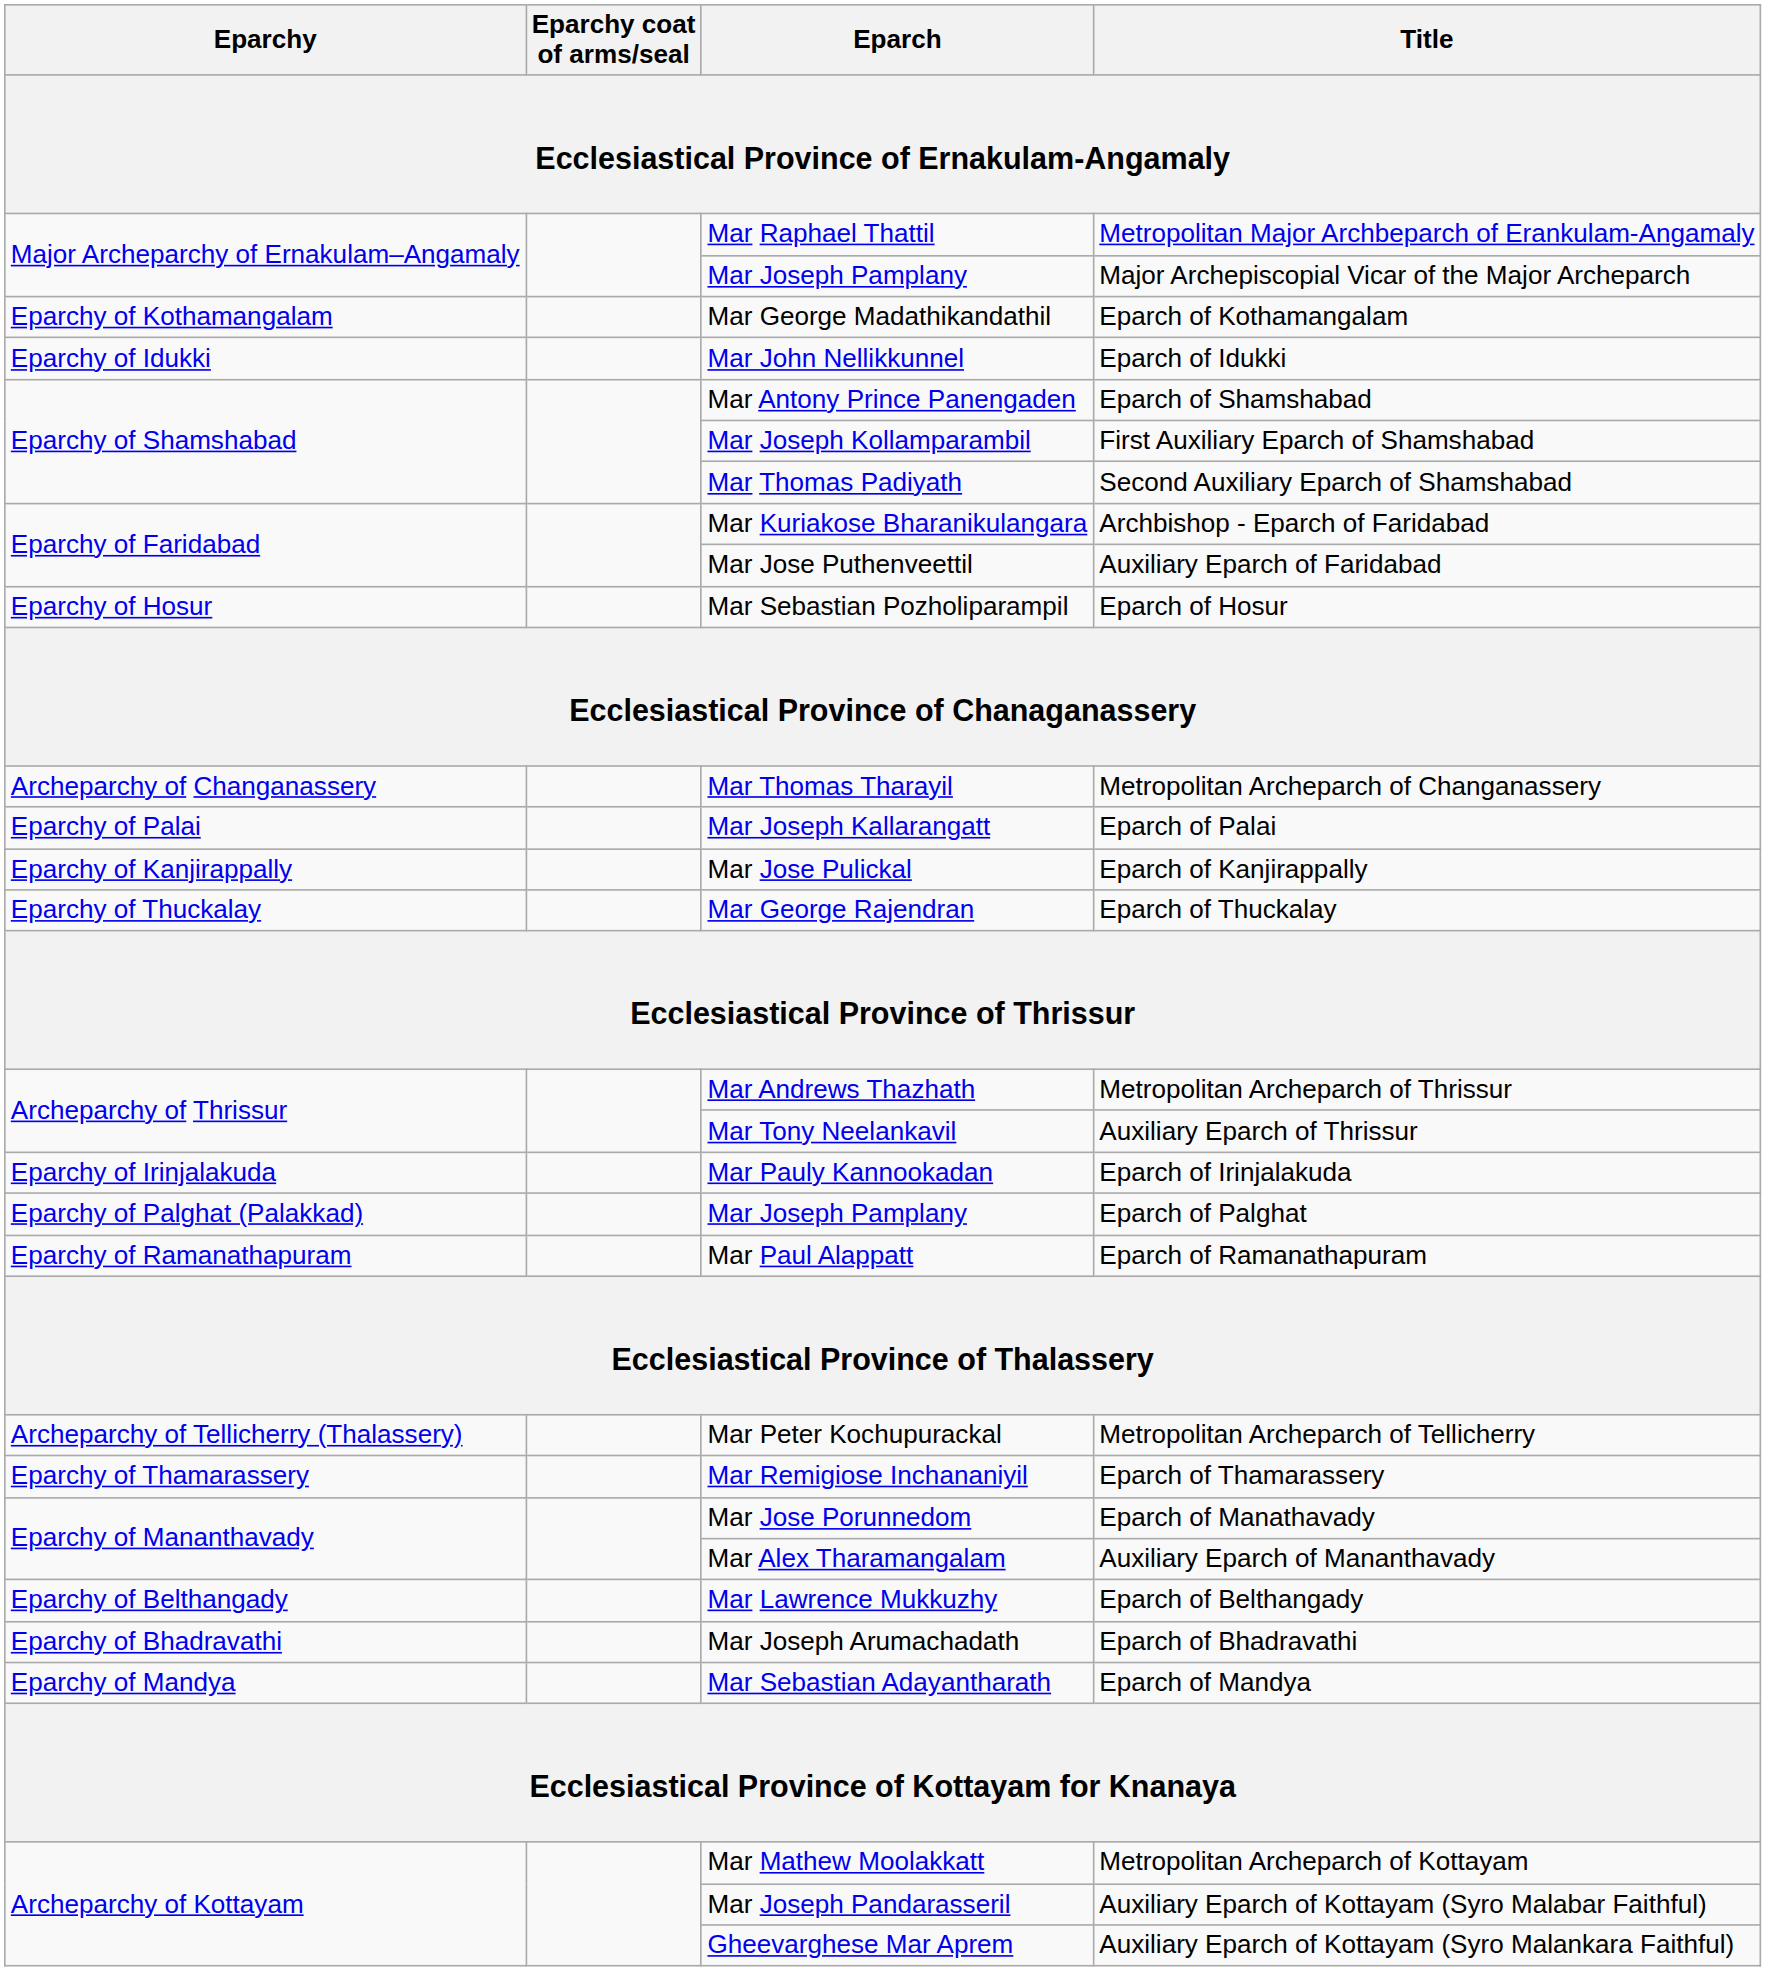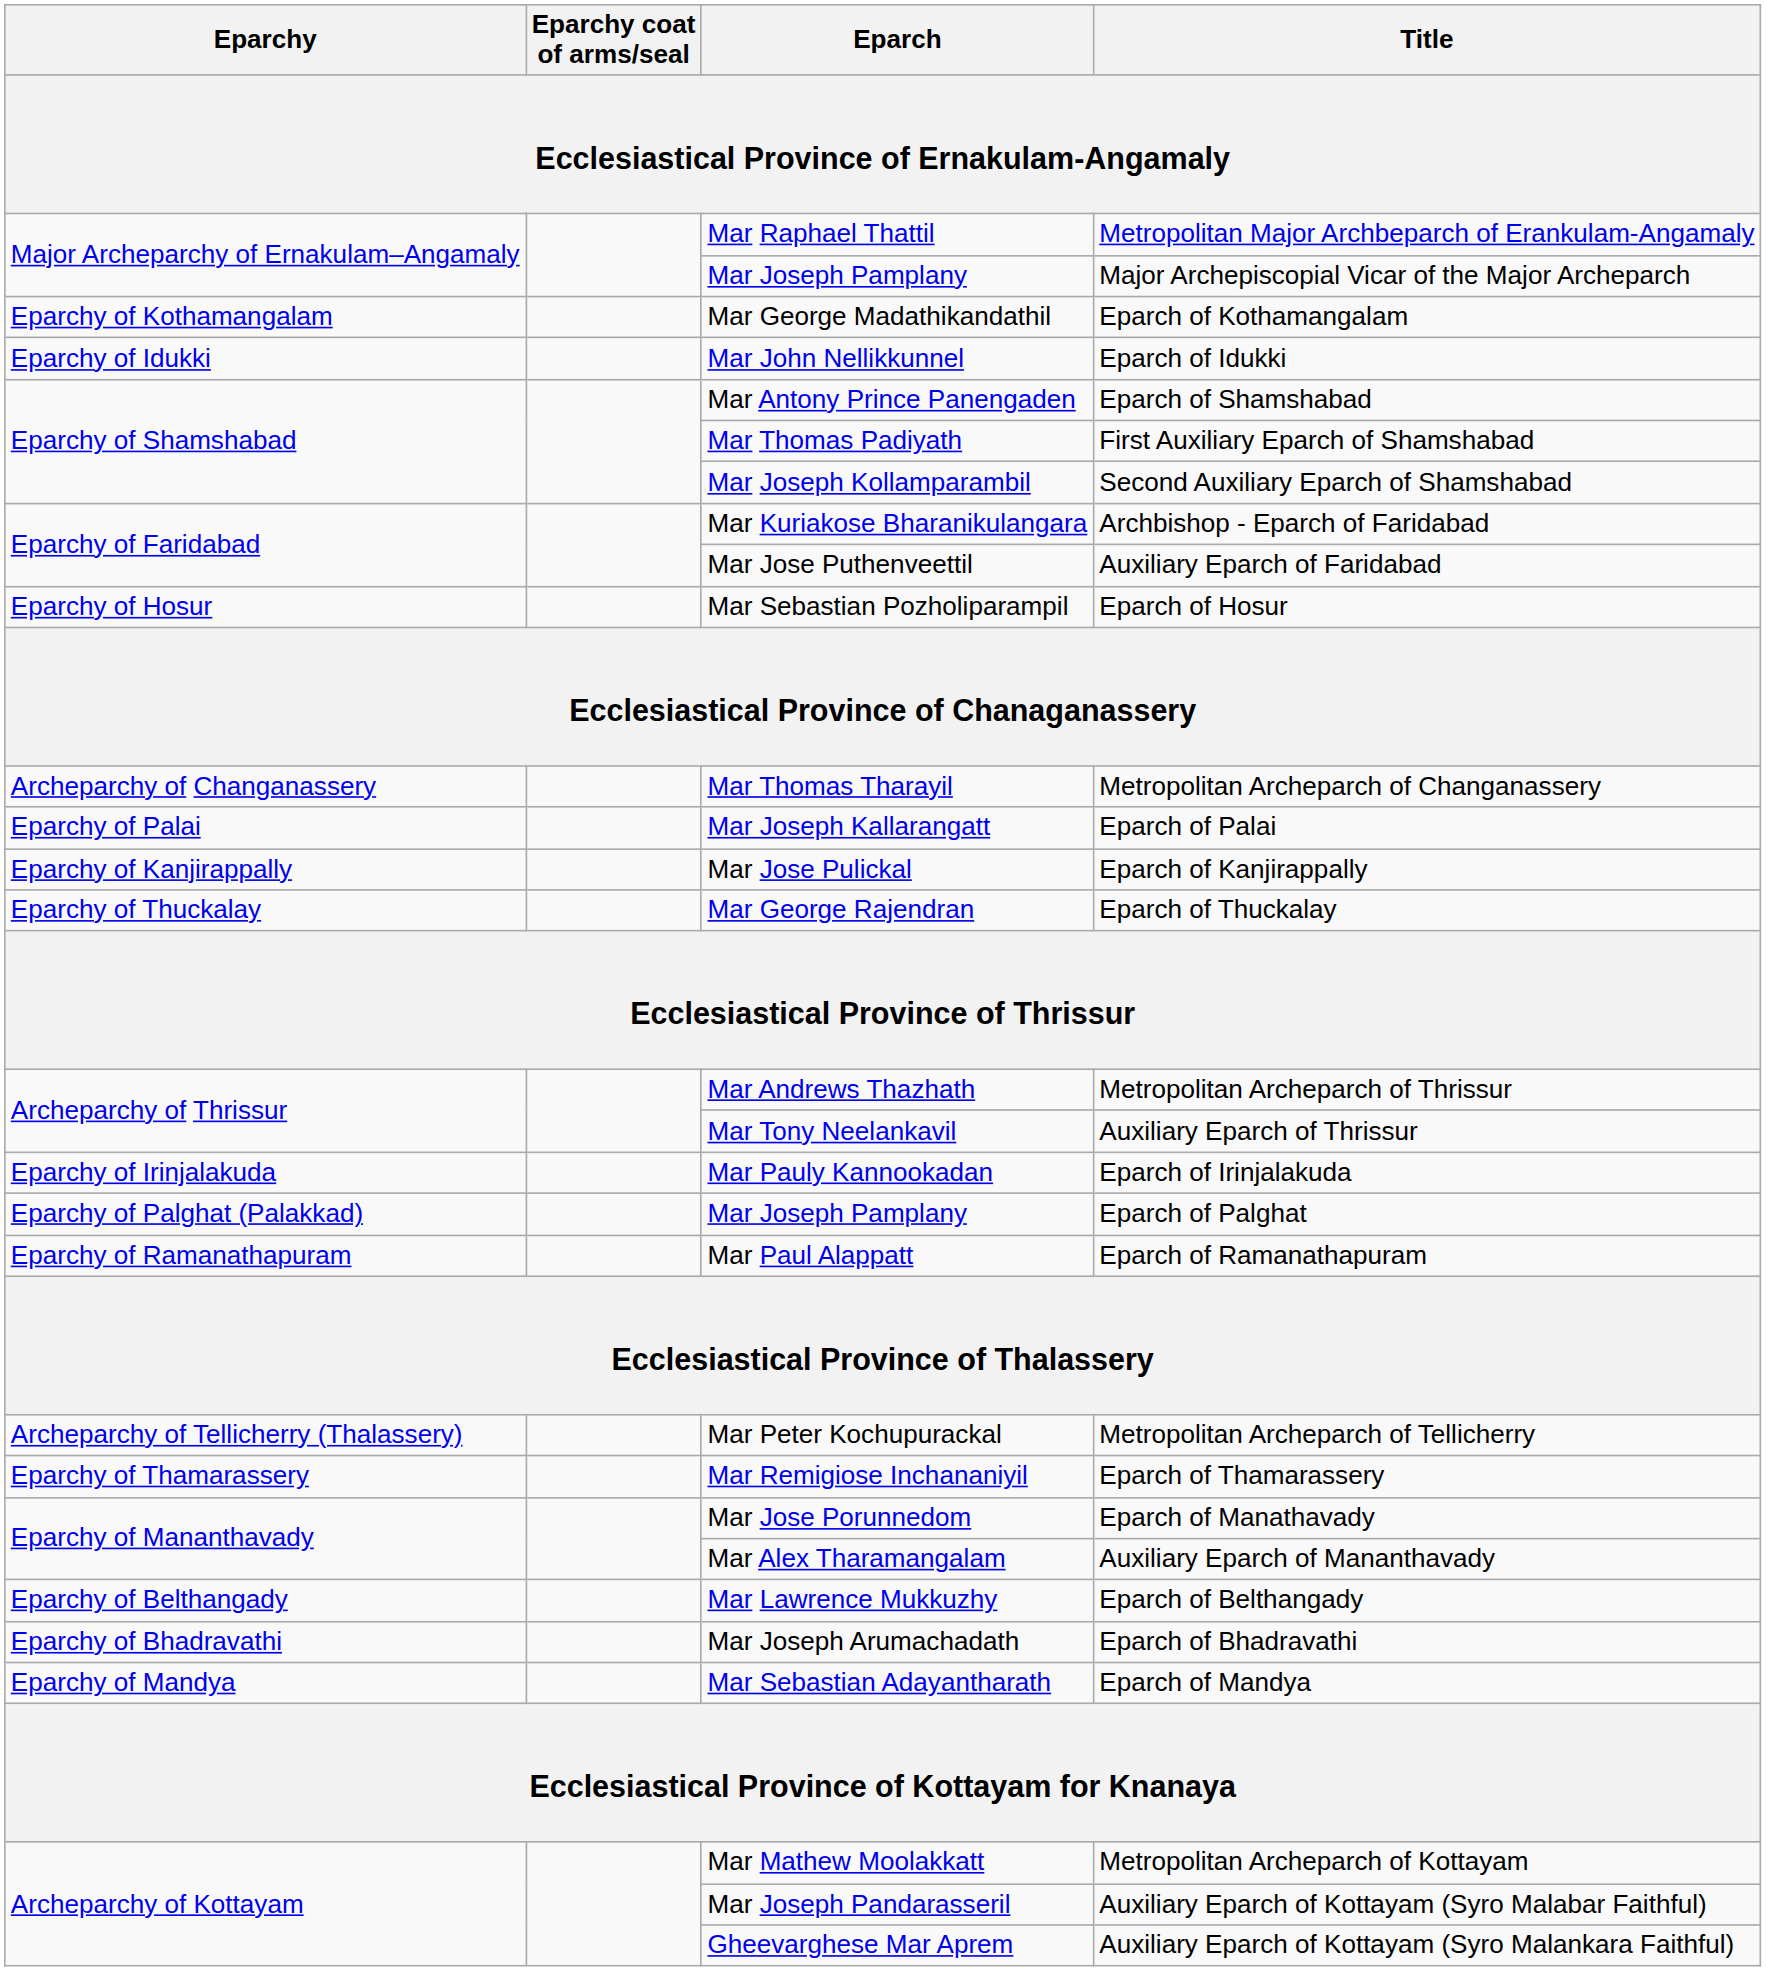 <table class="wikitable sortable">
 <tr>
 <th>Eparchy</th>
 <th class="unsortable">Eparchy coat<br>of arms/seal</th>
 <th>Eparch</th>
 <th>Title</th>
 </tr>
 <tr>
 <th colspan="4"><br><h3>Ecclesiastical Province of Ernakulam-Angamaly</h3></th>
 </tr>
 <tr>
 <td rowspan="2"><a href='#'>Major Archeparchy of Ernakulam–Angamaly</a></td>
 <td rowspan="2"></td>
 <td><a href='#'>Mar</a> <a href='#'>Raphael Thattil</a></td>
 <td><a href='#'>Metropolitan Major Archbeparch of Erankulam-Angamaly</a></td>
 </tr>
 <tr>
 <td><a href='#'>Mar Joseph Pamplany</a></td>
 <td>Major Archepiscopial Vicar of the Major Archeparch</td>
 </tr>
 <tr>
 <td><a href='#'>Eparchy of Kothamangalam</a></td>
 <td></td>
 <td>Mar George Madathikandathil</td>
 <td>Eparch of Kothamangalam</td>
 </tr>
 <tr>
 <td><a href='#'>Eparchy of Idukki</a></td>
 <td></td>
 <td><a href='#'>Mar John Nellikkunnel</a></td>
 <td>Eparch of Idukki</td>
 </tr>
 <tr>
 <td rowspan="3"><a href='#'>Eparchy of Shamshabad</a></td>
 <td rowspan="3"></td>
 <td>Mar <a href='#'>Antony Prince Panengaden</a></td>
 <td>Eparch of Shamshabad</td>
 </tr>
 <tr>
-<td><a href='#'>Mar</a> <a href='#'>Joseph Kollamparambil</a></td>
+<td><a href='#'>Mar</a> <a href='#'>Thomas Padiyath</a></td>
 <td>First Auxiliary Eparch of Shamshabad</td>
 </tr>
 <tr>
-<td><a href='#'>Mar</a> <a href='#'>Thomas Padiyath</a></td>
+<td><a href='#'>Mar</a> <a href='#'>Joseph Kollamparambil</a></td>
 <td>Second Auxiliary Eparch of Shamshabad</td>
 </tr>
 <tr>
 <td rowspan="2"><a href='#'>Eparchy of Faridabad</a></td>
 <td rowspan="2"></td>
 <td>Mar <a href='#'>Kuriakose Bharanikulangara</a></td>
 <td>Archbishop - Eparch of Faridabad</td>
 </tr>
 <tr>
 <td>Mar Jose Puthenveettil</td>
 <td>Auxiliary Eparch of Faridabad</td>
 </tr>
 <tr>
 <td><a href='#'>Eparchy of Hosur</a></td>
 <td></td>
 <td>Mar Sebastian Pozholiparampil</td>
 <td>Eparch of Hosur</td>
 </tr>
 <tr>
 <th colspan="4"><br><h3>Ecclesiastical Province of Chanaganassery</h3></th>
 </tr>
 <tr>
 <td><a href='#'>Archeparchy of</a> <a href='#'>Changanassery</a></td>
 <td></td>
 <td><a href='#'>Mar Thomas Tharayil</a></td>
 <td>Metropolitan Archeparch of Changanassery</td>
 </tr>
 <tr>
 <td><a href='#'>Eparchy of Palai</a></td>
 <td></td>
 <td><a href='#'>Mar Joseph Kallarangatt</a></td>
 <td>Eparch of Palai</td>
 </tr>
 <tr>
 <td><a href='#'>Eparchy of Kanjirappally</a></td>
 <td></td>
 <td>Mar <a href='#'>Jose Pulickal</a></td>
 <td>Eparch of Kanjirappally</td>
 </tr>
 <tr>
 <td><a href='#'>Eparchy of Thuckalay</a></td>
 <td></td>
 <td><a href='#'>Mar George Rajendran</a></td>
 <td>Eparch of Thuckalay</td>
 </tr>
 <tr>
 <th colspan="4"><br><h3>Ecclesiastical Province of Thrissur</h3></th>
 </tr>
 <tr>
 <td rowspan="2"><a href='#'>Archeparchy of</a> <a href='#'>Thrissur</a></td>
 <td rowspan="2"></td>
 <td><a href='#'>Mar Andrews Thazhath</a></td>
 <td>Metropolitan Archeparch of Thrissur</td>
 </tr>
 <tr>
 <td><a href='#'>Mar Tony Neelankavil</a></td>
 <td>Auxiliary Eparch of Thrissur</td>
 </tr>
 <tr>
 <td><a href='#'>Eparchy of Irinjalakuda</a></td>
 <td></td>
 <td><a href='#'>Mar Pauly Kannookadan</a></td>
 <td>Eparch of Irinjalakuda</td>
 </tr>
 <tr>
 <td><a href='#'>Eparchy of Palghat (Palakkad)</a></td>
 <td></td>
 <td><a href='#'>Mar Joseph Pamplany</a></td>
 <td>Eparch of Palghat</td>
 </tr>
 <tr>
 <td><a href='#'>Eparchy of Ramanathapuram</a></td>
 <td></td>
 <td>Mar <a href='#'>Paul Alappatt</a></td>
 <td>Eparch of Ramanathapuram</td>
 </tr>
 <tr>
 <th colspan="4"><br><h3>Ecclesiastical Province of Thalassery</h3></th>
 </tr>
 <tr>
 <td><a href='#'>Archeparchy of Tellicherry (Thalassery)</a></td>
 <td></td>
 <td>Mar Peter Kochupurackal</td>
 <td>Metropolitan Archeparch of Tellicherry</td>
 </tr>
 <tr>
 <td><a href='#'>Eparchy of Thamarassery</a></td>
 <td></td>
 <td><a href='#'>Mar Remigiose Inchananiyil</a></td>
 <td>Eparch of Thamarassery</td>
 </tr>
 <tr>
 <td rowspan="2"><a href='#'>Eparchy of Mananthavady</a></td>
 <td rowspan="2"></td>
 <td>Mar <a href='#'>Jose Porunnedom</a></td>
 <td>Eparch of Manathavady</td>
 </tr>
 <tr>
 <td>Mar <a href='#'>Alex Tharamangalam</a></td>
 <td>Auxiliary Eparch of Mananthavady</td>
 </tr>
 <tr>
 <td><a href='#'>Eparchy of Belthangady</a></td>
 <td></td>
 <td><a href='#'>Mar</a> <a href='#'>Lawrence Mukkuzhy</a></td>
 <td>Eparch of Belthangady</td>
 </tr>
 <tr>
 <td><a href='#'>Eparchy of Bhadravathi</a></td>
 <td></td>
 <td>Mar Joseph Arumachadath</td>
 <td>Eparch of Bhadravathi</td>
 </tr>
 <tr>
 <td><a href='#'>Eparchy of Mandya</a></td>
 <td></td>
 <td><a href='#'>Mar Sebastian Adayantharath</a></td>
 <td>Eparch of Mandya</td>
 </tr>
 <tr>
 <th colspan="4"><br><h3>Ecclesiastical Province of Kottayam for Knanaya</h3></th>
 </tr>
 <tr>
 <td rowspan="3"><a href='#'>Archeparchy of Kottayam</a></td>
 <td rowspan="3"></td>
 <td>Mar <a href='#'>Mathew Moolakkatt</a></td>
 <td>Metropolitan Archeparch of Kottayam</td>
 </tr>
 <tr>
 <td>Mar <a href='#'>Joseph Pandarasseril</a></td>
 <td>Auxiliary Eparch of Kottayam (Syro Malabar Faithful)</td>
 </tr>
 <tr>
 <td><a href='#'>Gheevarghese Mar Aprem</a></td>
 <td>Auxiliary Eparch of Kottayam (Syro Malankara Faithful)</td>
 </tr>
 </table>
